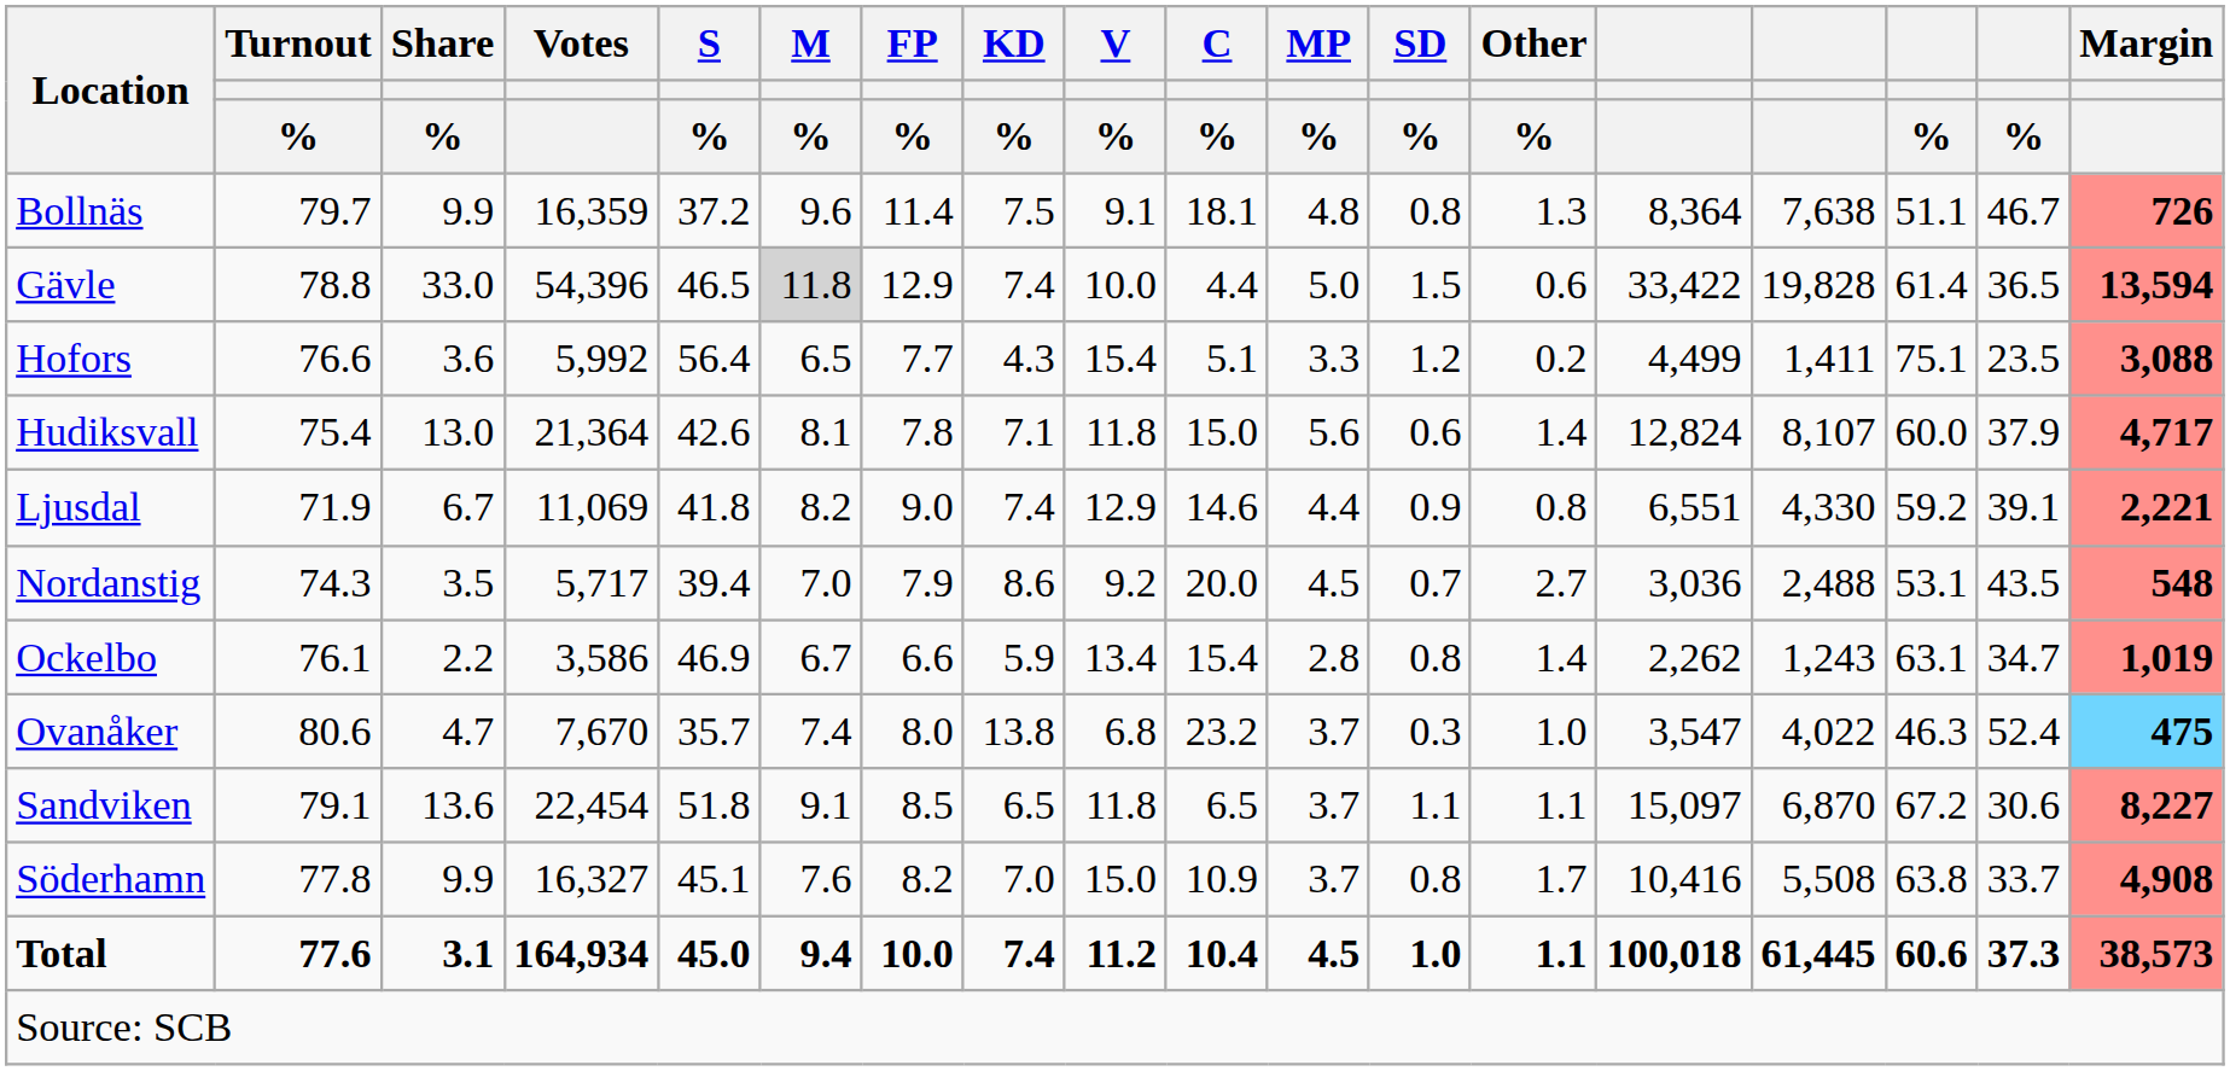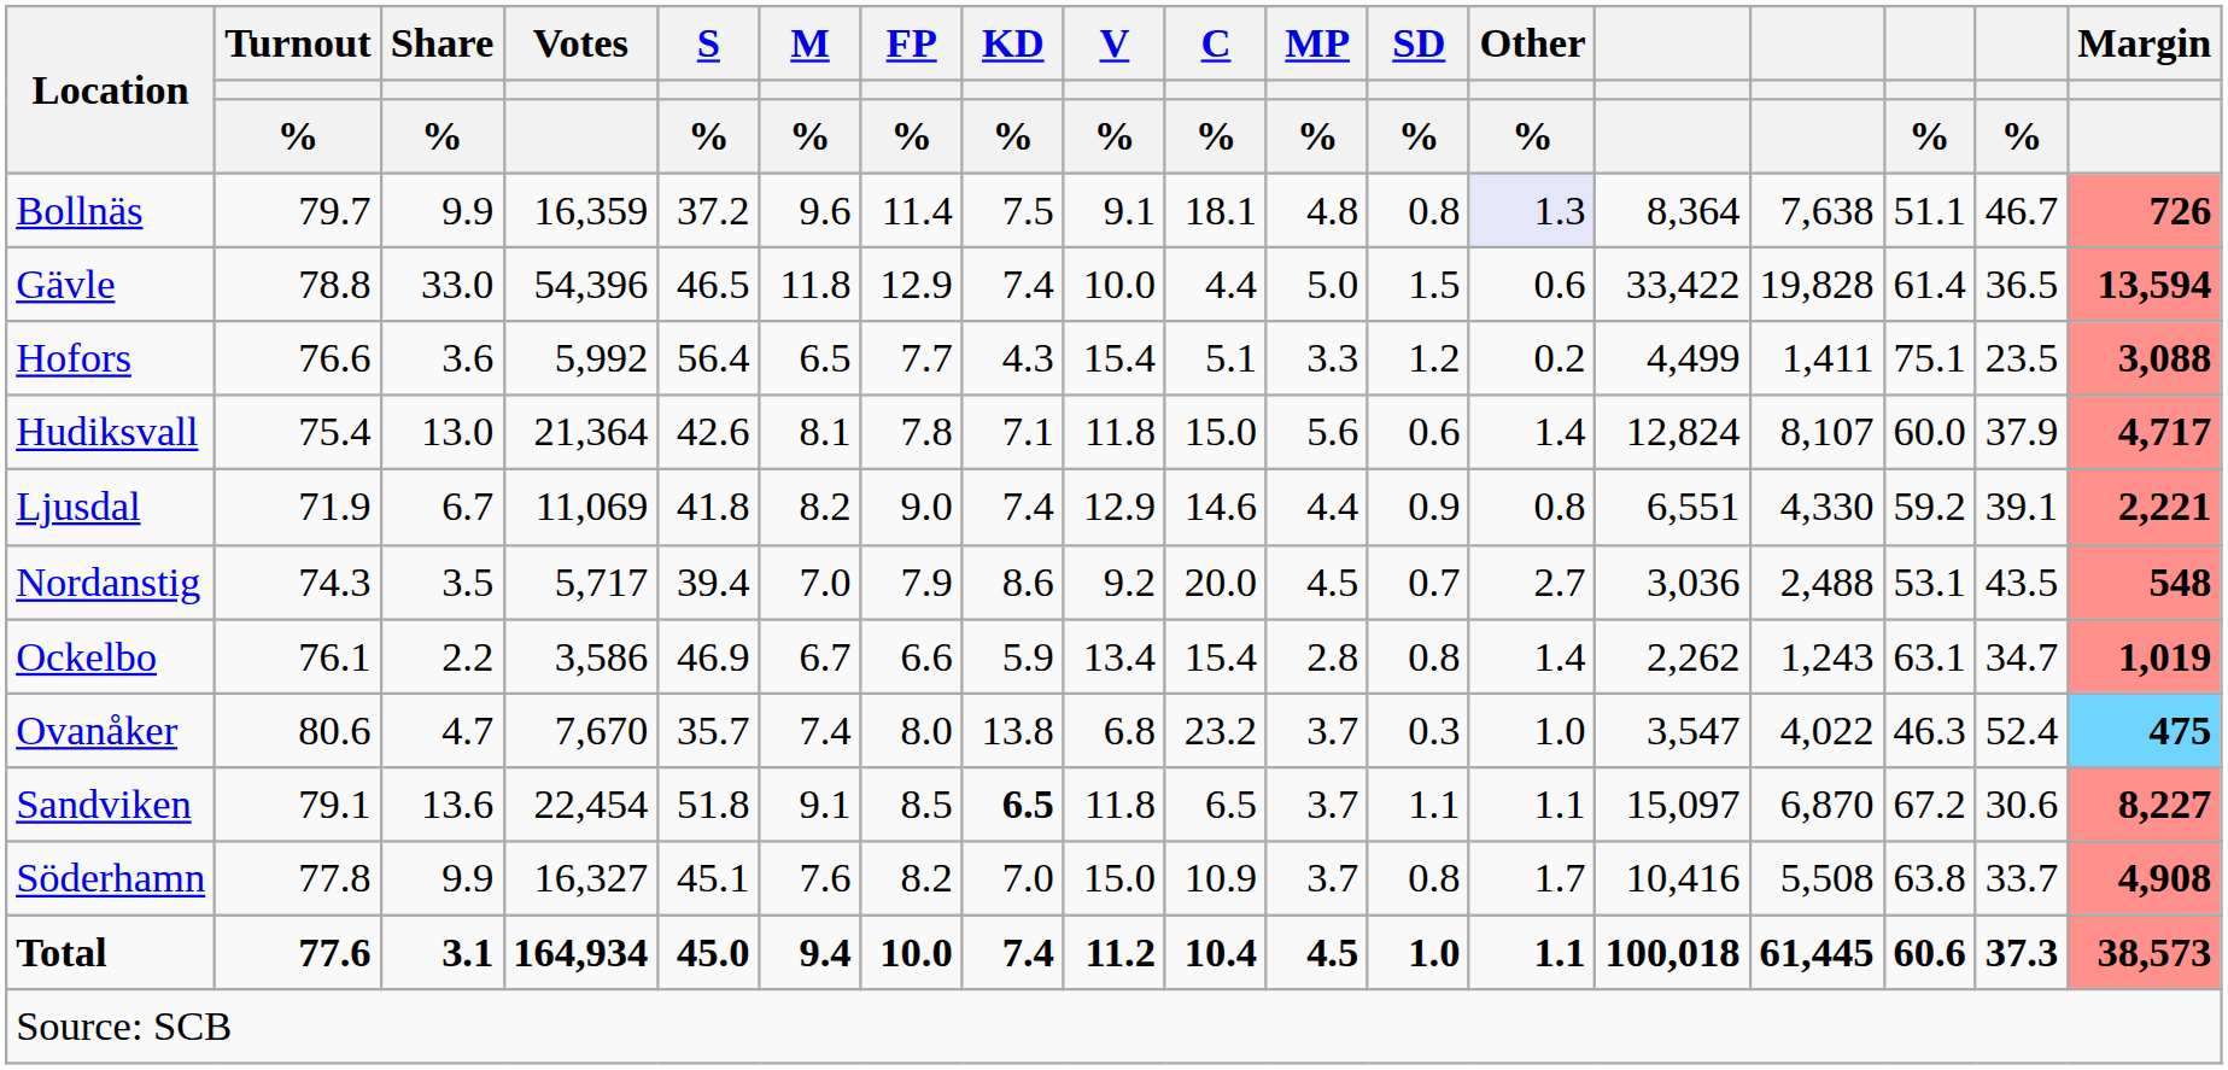 <table class="wikitable sortable" style="text-align:right; font-size:95%; line-height:20px;">
 <tr>
 <th rowspan="3">Location</th>
 <th>Turnout</th>
 <th>Share</th>
 <th>Votes</th>
 <th width="30px" class="unsortable"><a href='#'>S</a></th>
 <th width="30px" class="unsortable"><a href='#'>M</a></th>
 <th width="30px" class="unsortable"><a href='#'>FP</a></th>
 <th width="30px" class="unsortable"><a href='#'>KD</a></th>
 <th width="30px" class="unsortable"><a href='#'>V</a></th>
 <th width="30px" class="unsortable"><a href='#'>C</a></th>
 <th width="30px" class="unsortable"><a href='#'>MP</a></th>
 <th width="30px" class="unsortable"><a href='#'>SD</a></th>
 <th width="30px" class="unsortable">Other</th>
 <th></th>
 <th></th>
 <th></th>
 <th></th>
 <th>Margin</th>
 </tr>
 <tr>
 <th></th>
 <th></th>
 <th></th>
 <th style="background:"></th>
 <th style="background:"></th>
 <th style="background:"></th>
 <th style="background:"></th>
 <th style="background:"></th>
 <th style="background:"></th>
 <th style="background:"></th>
 <th style="background:"></th>
 <th style="background:"></th>
 <th style="background:"></th>
 <th style="background:"></th>
 <th style="background:"></th>
 <th style="background:"></th>
 <th></th>
 </tr>
 <tr>
 <th data-sort-type="number">%</th>
 <th data-sort-type="number">%</th>
 <th></th>
 <th data-sort-type="number">%</th>
 <th data-sort-type="number">%</th>
 <th data-sort-type="number">%</th>
 <th data-sort-type="number">%</th>
 <th data-sort-type="number">%</th>
 <th data-sort-type="number">%</th>
 <th data-sort-type="number">%</th>
 <th data-sort-type="number">%</th>
 <th data-sort-type="number">%</th>
 <th data-sort-type="number"></th>
 <th data-sort-type="number"></th>
 <th data-sort-type="number">%</th>
 <th data-sort-type="number">%</th>
 <th data-sort-type="number"></th>
 </tr>
 <tr>
 <td align=left><a href='#'>Bollnäs</a></td>
 <td>79.7</td>
 <td>9.9</td>
 <td>16,359</td>
 <td>37.2</td>
 <td>9.6</td>
 <td>11.4</td>
 <td>7.5</td>
 <td>9.1</td>
 <td>18.1</td>
 <td>4.8</td>
 <td>0.8</td>
-<td>1.3</td>
+<td style="background: lavender;">1.3</td>
 <td>8,364</td>
 <td>7,638</td>
 <td>51.1</td>
 <td>46.7</td>
 <td bgcolor=#ff908c><strong>726</strong></td>
 </tr>
 <tr>
 <td align=left><a href='#'>Gävle</a></td>
 <td>78.8</td>
 <td>33.0</td>
 <td>54,396</td>
 <td>46.5</td>
-<td style="background: lightgrey;">11.8</td>
+<td>11.8</td>
 <td>12.9</td>
 <td>7.4</td>
 <td>10.0</td>
 <td>4.4</td>
 <td>5.0</td>
 <td>1.5</td>
 <td>0.6</td>
 <td>33,422</td>
 <td>19,828</td>
 <td>61.4</td>
 <td>36.5</td>
 <td bgcolor=#ff908c><strong>13,594</strong></td>
 </tr>
 <tr>
 <td align=left><a href='#'>Hofors</a></td>
 <td>76.6</td>
 <td>3.6</td>
 <td>5,992</td>
 <td>56.4</td>
 <td>6.5</td>
 <td>7.7</td>
 <td>4.3</td>
 <td>15.4</td>
 <td>5.1</td>
 <td>3.3</td>
 <td>1.2</td>
 <td>0.2</td>
 <td>4,499</td>
 <td>1,411</td>
 <td>75.1</td>
 <td>23.5</td>
 <td bgcolor=#ff908c><strong>3,088</strong></td>
 </tr>
 <tr>
 <td align=left><a href='#'>Hudiksvall</a></td>
 <td>75.4</td>
 <td>13.0</td>
 <td>21,364</td>
 <td>42.6</td>
 <td>8.1</td>
 <td>7.8</td>
 <td>7.1</td>
 <td>11.8</td>
 <td>15.0</td>
 <td>5.6</td>
 <td>0.6</td>
 <td>1.4</td>
 <td>12,824</td>
 <td>8,107</td>
 <td>60.0</td>
 <td>37.9</td>
 <td bgcolor=#ff908c><strong>4,717</strong></td>
 </tr>
 <tr>
 <td align=left><a href='#'>Ljusdal</a></td>
 <td>71.9</td>
 <td>6.7</td>
 <td>11,069</td>
 <td>41.8</td>
 <td>8.2</td>
 <td>9.0</td>
 <td>7.4</td>
 <td>12.9</td>
 <td>14.6</td>
 <td>4.4</td>
 <td>0.9</td>
 <td>0.8</td>
 <td>6,551</td>
 <td>4,330</td>
 <td>59.2</td>
 <td>39.1</td>
 <td bgcolor=#ff908c><strong>2,221</strong></td>
 </tr>
 <tr>
 <td align=left><a href='#'>Nordanstig</a></td>
 <td>74.3</td>
 <td>3.5</td>
 <td>5,717</td>
 <td>39.4</td>
 <td>7.0</td>
 <td>7.9</td>
 <td>8.6</td>
 <td>9.2</td>
 <td>20.0</td>
 <td>4.5</td>
 <td>0.7</td>
 <td>2.7</td>
 <td>3,036</td>
 <td>2,488</td>
 <td>53.1</td>
 <td>43.5</td>
 <td bgcolor=#ff908c><strong>548</strong></td>
 </tr>
 <tr>
 <td align=left><a href='#'>Ockelbo</a></td>
 <td>76.1</td>
 <td>2.2</td>
 <td>3,586</td>
 <td>46.9</td>
 <td>6.7</td>
 <td>6.6</td>
 <td>5.9</td>
 <td>13.4</td>
 <td>15.4</td>
 <td>2.8</td>
 <td>0.8</td>
 <td>1.4</td>
 <td>2,262</td>
 <td>1,243</td>
 <td>63.1</td>
 <td>34.7</td>
 <td bgcolor=#ff908c><strong>1,019</strong></td>
 </tr>
 <tr>
 <td align=left><a href='#'>Ovanåker</a></td>
 <td>80.6</td>
 <td>4.7</td>
 <td>7,670</td>
 <td>35.7</td>
 <td>7.4</td>
 <td>8.0</td>
 <td>13.8</td>
 <td>6.8</td>
 <td>23.2</td>
 <td>3.7</td>
 <td>0.3</td>
 <td>1.0</td>
 <td>3,547</td>
 <td>4,022</td>
 <td>46.3</td>
 <td>52.4</td>
 <td bgcolor=#6fd5fe><strong>475</strong></td>
 </tr>
 <tr>
 <td align=left><a href='#'>Sandviken</a></td>
 <td>79.1</td>
 <td>13.6</td>
 <td>22,454</td>
 <td>51.8</td>
 <td>9.1</td>
 <td>8.5</td>
-<td>6.5</td>
+<td><strong>6.5</strong></td>
 <td>11.8</td>
 <td>6.5</td>
 <td>3.7</td>
 <td>1.1</td>
 <td>1.1</td>
 <td>15,097</td>
 <td>6,870</td>
 <td>67.2</td>
 <td>30.6</td>
 <td bgcolor=#ff908c><strong>8,227</strong></td>
 </tr>
 <tr>
 <td align=left><a href='#'>Söderhamn</a></td>
 <td>77.8</td>
 <td>9.9</td>
 <td>16,327</td>
 <td>45.1</td>
 <td>7.6</td>
 <td>8.2</td>
 <td>7.0</td>
 <td>15.0</td>
 <td>10.9</td>
 <td>3.7</td>
 <td>0.8</td>
 <td>1.7</td>
 <td>10,416</td>
 <td>5,508</td>
 <td>63.8</td>
 <td>33.7</td>
 <td bgcolor=#ff908c><strong>4,908</strong></td>
 </tr>
 <tr>
 <td align=left><strong>Total</strong></td>
 <td><strong>77.6</strong></td>
 <td><strong>3.1</strong></td>
 <td><strong>164,934</strong></td>
 <td><strong>45.0</strong></td>
 <td><strong>9.4</strong></td>
 <td><strong>10.0</strong></td>
 <td><strong>7.4</strong></td>
 <td><strong>11.2</strong></td>
 <td><strong>10.4</strong></td>
 <td><strong>4.5</strong></td>
 <td><strong>1.0</strong></td>
 <td><strong>1.1</strong></td>
 <td><strong>100,018</strong></td>
 <td><strong>61,445</strong></td>
 <td><strong>60.6</strong></td>
 <td><strong>37.3</strong></td>
 <td bgcolor=#ff908c><strong>38,573</strong></td>
 </tr>
 <tr>
 <td align=left colspan=18>Source: SCB </td>
 </tr>
 </table>
